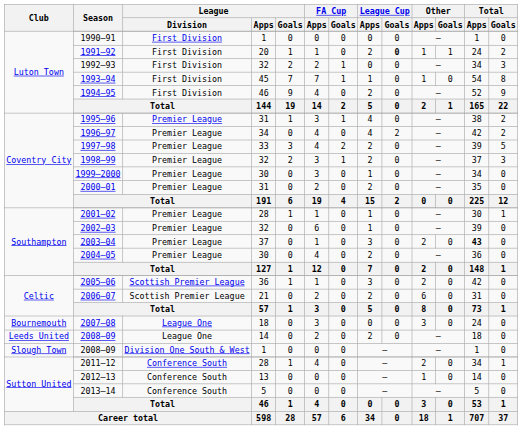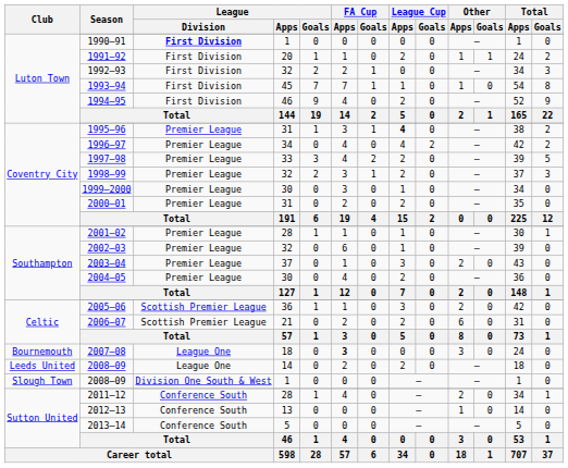 <table class=wikitable style=text-align:center>
 <tr>
 <th rowspan=2>Club</th>
 <th rowspan=2>Season</th>
 <th colspan=3>League</th>
 <th colspan=2><a href='#'>FA Cup</a></th>
 <th colspan=2><a href='#'>League Cup</a></th>
 <th colspan=2>Other</th>
 <th colspan=2>Total</th>
 </tr>
 <tr>
 <th>Division</th>
 <th>Apps</th>
 <th>Goals</th>
 <th>Apps</th>
 <th>Goals</th>
 <th>Apps</th>
 <th>Goals</th>
 <th>Apps</th>
 <th>Goals</th>
 <th>Apps</th>
 <th>Goals</th>
 </tr>
 <tr>
 <td rowspan=7><a href='#'>Luton Town</a></td>
 </tr>
 <tr>
 <td>1990–91</td>
-<td><a href='#'>First Division</a></td>
+<td><strong><a href='#'>First Division</a></strong></td>
 <td>1</td>
 <td>0</td>
 <td>0</td>
 <td>0</td>
 <td>0</td>
 <td>0</td>
 <td colspan=2>—</td>
 <td>1</td>
 <td>0</td>
 </tr>
 <tr>
 <td><a href='#'>1991–92</a></td>
 <td>First Division</td>
 <td>20</td>
 <td>1</td>
 <td>1</td>
 <td>0</td>
 <td>2</td>
-<td><strong>0</strong></td>
+<td>0</td>
 <td>1</td>
 <td>1</td>
 <td>24</td>
 <td>2</td>
 </tr>
 <tr>
 <td>1992–93</td>
 <td>First Division</td>
 <td>32</td>
 <td>2</td>
 <td>2</td>
 <td>1</td>
 <td>0</td>
 <td>0</td>
 <td colspan=2>—</td>
 <td>34</td>
 <td>3</td>
 </tr>
 <tr>
 <td><a href='#'>1993–94</a></td>
 <td>First Division</td>
 <td>45</td>
 <td>7</td>
 <td>7</td>
 <td>1</td>
 <td>1</td>
 <td>0</td>
 <td>1</td>
 <td>0</td>
 <td>54</td>
 <td>8</td>
 </tr>
 <tr>
 <td><a href='#'>1994–95</a></td>
 <td>First Division</td>
 <td>46</td>
 <td>9</td>
 <td>4</td>
 <td>0</td>
 <td>2</td>
 <td>0</td>
 <td colspan=2>—</td>
 <td>52</td>
 <td>9</td>
 </tr>
 <tr>
 <th colspan=2>Total</th>
 <th>144</th>
 <th>19</th>
 <th>14</th>
 <th>2</th>
 <th>5</th>
 <th>0</th>
 <th>2</th>
 <th>1</th>
 <th>165</th>
 <th>22</th>
 </tr>
 <tr>
 <td rowspan=8><a href='#'>Coventry City</a></td>
 </tr>
 <tr>
 <td><a href='#'>1995–96</a></td>
 <td><a href='#'>Premier League</a></td>
 <td>31</td>
 <td>1</td>
 <td>3</td>
 <td>1</td>
-<td>4</td>
+<td><strong>4</strong></td>
 <td>0</td>
 <td colspan=2>—</td>
 <td>38</td>
 <td>2</td>
 </tr>
 <tr>
 <td><a href='#'>1996–97</a></td>
 <td>Premier League</td>
 <td>34</td>
 <td>0</td>
 <td>4</td>
 <td>0</td>
 <td>4</td>
 <td>2</td>
 <td colspan=2>—</td>
 <td>42</td>
 <td>2</td>
 </tr>
 <tr>
 <td><a href='#'>1997–98</a></td>
 <td>Premier League</td>
 <td>33</td>
 <td>3</td>
 <td>4</td>
 <td>2</td>
 <td>2</td>
 <td>0</td>
 <td colspan=2>—</td>
 <td>39</td>
 <td>5</td>
 </tr>
 <tr>
 <td><a href='#'>1998–99</a></td>
 <td>Premier League</td>
 <td>32</td>
 <td>2</td>
 <td>3</td>
 <td>1</td>
 <td>2</td>
 <td>0</td>
 <td colspan=2>—</td>
 <td>37</td>
 <td>3</td>
 </tr>
 <tr>
 <td><a href='#'>1999–2000</a></td>
 <td>Premier League</td>
 <td>30</td>
 <td>0</td>
 <td>3</td>
 <td>0</td>
 <td>1</td>
 <td>0</td>
 <td colspan=2>—</td>
 <td>34</td>
 <td>0</td>
 </tr>
 <tr>
 <td><a href='#'>2000–01</a></td>
 <td>Premier League</td>
 <td>31</td>
 <td>0</td>
 <td>2</td>
 <td>0</td>
 <td>2</td>
 <td>0</td>
 <td colspan=2>—</td>
 <td>35</td>
 <td>0</td>
 </tr>
 <tr>
 <th colspan=2>Total</th>
 <th>191</th>
 <th>6</th>
 <th>19</th>
 <th>4</th>
 <th>15</th>
 <th>2</th>
 <th>0</th>
 <th>0</th>
 <th>225</th>
 <th>12</th>
 </tr>
 <tr>
 <td rowspan=6><a href='#'>Southampton</a></td>
 </tr>
 <tr>
 <td><a href='#'>2001–02</a></td>
 <td>Premier League</td>
 <td>28</td>
 <td>1</td>
 <td>1</td>
 <td>0</td>
 <td>1</td>
 <td>0</td>
 <td colspan=2>—</td>
 <td>30</td>
 <td>1</td>
 </tr>
 <tr>
 <td><a href='#'>2002–03</a></td>
 <td>Premier League</td>
 <td>32</td>
 <td>0</td>
 <td>6</td>
 <td>0</td>
 <td>1</td>
 <td>0</td>
 <td colspan=2>—</td>
 <td>39</td>
 <td>0</td>
 </tr>
 <tr>
 <td><a href='#'>2003–04</a></td>
 <td>Premier League</td>
 <td>37</td>
 <td>0</td>
 <td>1</td>
 <td>0</td>
 <td>3</td>
 <td>0</td>
 <td>2</td>
 <td>0</td>
-<td><strong>43</strong></td>
+<td>43</td>
 <td>0</td>
 </tr>
 <tr>
 <td><a href='#'>2004–05</a></td>
 <td>Premier League</td>
 <td>30</td>
 <td>0</td>
 <td>4</td>
 <td>0</td>
 <td>2</td>
 <td>0</td>
 <td colspan=2>—</td>
 <td>36</td>
 <td>0</td>
 </tr>
 <tr>
 <th colspan=2>Total</th>
 <th>127</th>
 <th>1</th>
 <th>12</th>
 <th>0</th>
 <th>7</th>
 <th>0</th>
 <th>2</th>
 <th>0</th>
 <th>148</th>
 <th>1</th>
 </tr>
 <tr>
 <td rowspan=4><a href='#'>Celtic</a></td>
 </tr>
 <tr>
 <td><a href='#'>2005–06</a></td>
 <td><a href='#'>Scottish Premier League</a></td>
 <td>36</td>
 <td>1</td>
 <td>1</td>
 <td>0</td>
 <td>3</td>
 <td>0</td>
 <td>2</td>
 <td>0</td>
 <td>42</td>
 <td>0</td>
 </tr>
 <tr>
 <td><a href='#'>2006–07</a></td>
 <td>Scottish Premier League</td>
 <td>21</td>
 <td>0</td>
 <td>2</td>
 <td>0</td>
 <td>2</td>
 <td>0</td>
 <td>6</td>
 <td>0</td>
 <td>31</td>
 <td>0</td>
 </tr>
 <tr>
 <th colspan=2>Total</th>
 <th>57</th>
 <th>1</th>
 <th>3</th>
 <th>0</th>
 <th>5</th>
 <th>0</th>
 <th>8</th>
 <th>0</th>
 <th>73</th>
 <th>1</th>
 </tr>
 <tr>
 <td><a href='#'>Bournemouth</a></td>
 <td><a href='#'>2007–08</a></td>
 <td><a href='#'>League One</a></td>
 <td>18</td>
 <td>0</td>
-<td>3</td>
+<td><strong>3</strong></td>
 <td>0</td>
 <td>0</td>
 <td>0</td>
 <td>3</td>
 <td>0</td>
 <td>24</td>
 <td>0</td>
 </tr>
 <tr>
 <td><a href='#'>Leeds United</a></td>
 <td><a href='#'>2008–09</a></td>
 <td>League One</td>
 <td>14</td>
 <td>0</td>
 <td>2</td>
 <td>0</td>
 <td>2</td>
 <td>0</td>
 <td colspan=2>—</td>
 <td>18</td>
 <td>0</td>
 </tr>
 <tr>
 <td><a href='#'>Slough Town</a></td>
 <td>2008–09</td>
 <td><a href='#'>Division One South & West</a></td>
 <td>1</td>
 <td>0</td>
 <td>0</td>
 <td>0</td>
 <td colspan=2>—</td>
 <td colspan=2>—</td>
 <td>1</td>
 <td>0</td>
 </tr>
 <tr>
 <td rowspan=5><a href='#'>Sutton United</a></td>
 </tr>
 <tr>
 <td>2011–12</td>
 <td><a href='#'>Conference South</a></td>
 <td>28</td>
 <td>1</td>
 <td>4</td>
 <td>0</td>
 <td colspan=2>—</td>
 <td>2</td>
 <td>0</td>
 <td>34</td>
 <td>1</td>
 </tr>
 <tr>
 <td>2012–13</td>
 <td>Conference South</td>
 <td>13</td>
 <td>0</td>
 <td>0</td>
 <td>0</td>
 <td colspan=2>—</td>
 <td>1</td>
 <td>0</td>
 <td>14</td>
 <td>0</td>
 </tr>
 <tr>
 <td>2013–14</td>
 <td>Conference South</td>
 <td>5</td>
 <td>0</td>
 <td>0</td>
 <td>0</td>
 <td colspan=2>—</td>
 <td colspan=2>—</td>
 <td>5</td>
 <td>0</td>
 </tr>
 <tr>
 <th colspan=2>Total</th>
 <th>46</th>
 <th>1</th>
 <th>4</th>
 <th>0</th>
 <th>0</th>
 <th>0</th>
 <th>3</th>
 <th>0</th>
 <th>53</th>
 <th>1</th>
 </tr>
 <tr>
 <th colspan=3>Career total</th>
 <th>598</th>
 <th>28</th>
 <th>57</th>
 <th>6</th>
 <th>34</th>
 <th>0</th>
 <th>18</th>
 <th>1</th>
 <th>707</th>
 <th>37</th>
 </tr>
 </table>
